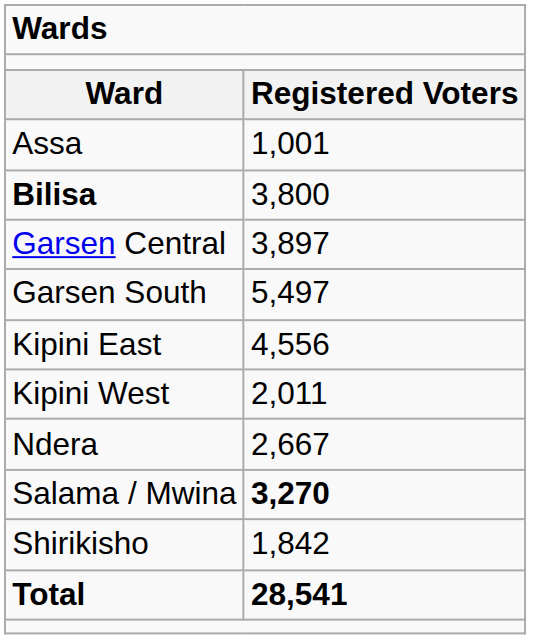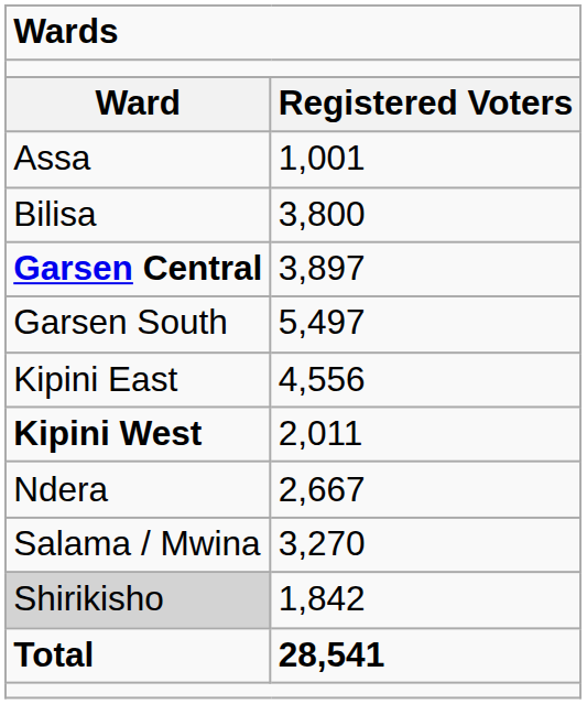 <table class="wikitable">
 <tr>
 <td colspan="2"><strong>Wards</strong></td>
 </tr>
 <tr>
 <td colspan="2"></td>
 </tr>
 <tr>
 <th>Ward</th>
 <th>Registered Voters</th>
 </tr>
 <tr>
 <td>Assa</td>
 <td>1,001</td>
 </tr>
 <tr>
-<td><strong>Bilisa</strong></td>
+<td>Bilisa</td>
 <td>3,800</td>
 </tr>
 <tr>
-<td><a href='#'>Garsen</a> Central</td>
+<td><strong><a href='#'>Garsen</a> Central</strong></td>
 <td>3,897</td>
 </tr>
 <tr>
 <td>Garsen South</td>
 <td>5,497</td>
 </tr>
 <tr>
 <td>Kipini East</td>
 <td>4,556</td>
 </tr>
 <tr>
-<td>Kipini West</td>
+<td><strong>Kipini West</strong></td>
 <td>2,011</td>
 </tr>
 <tr>
 <td>Ndera</td>
 <td>2,667</td>
 </tr>
 <tr>
 <td>Salama / Mwina</td>
-<td><strong>3,270</strong></td>
+<td>3,270</td>
 </tr>
 <tr>
-<td>Shirikisho</td>
+<td style="background: lightgrey;">Shirikisho</td>
 <td>1,842</td>
 </tr>
 <tr>
 <td><strong>Total</strong></td>
 <td><strong>28,541</strong></td>
 </tr>
 <tr>
 <td colspan="2"></td>
 </tr>
 </table>
